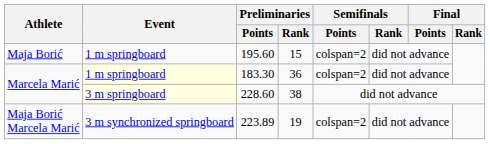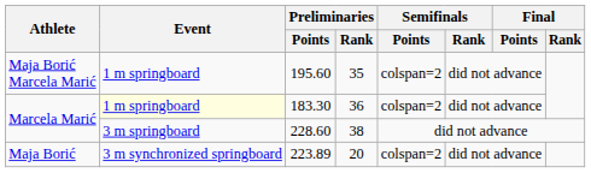 <table class=wikitable style="font-size:90%;">
 <tr>
 <th rowspan="2">Athlete</th>
 <th rowspan="2">Event</th>
 <th colspan="2">Preliminaries</th>
 <th colspan="2">Semifinals</th>
 <th colspan="2">Final</th>
 </tr>
 <tr style="font-size:95%">
 <th>Points</th>
 <th>Rank</th>
 <th>Points</th>
 <th>Rank</th>
 <th>Points</th>
 <th>Rank</th>
 </tr>
 <tr align=center>
-<td align=left><a href='#'>Maja Borić</a></td>
+<td align=left><a href='#'>Maja Borić</a><br><a href='#'>Marcela Marić</a></td>
 <td align=left><a href='#'>1 m springboard</a></td>
 <td>195.60</td>
-<td>15</td>
+<td>35</td>
 <td>colspan=2 </td>
 <td colspan=2>did not advance</td>
 </tr>
 <tr align=center>
 <td align=left rowspan=2><a href='#'>Marcela Marić</a></td>
 <td align=left style="background: lightyellow;"><a href='#'>1 m springboard</a></td>
 <td>183.30</td>
 <td>36</td>
 <td>colspan=2 </td>
 <td colspan=2>did not advance</td>
 </tr>
 <tr align=center>
-<td align=left style="background: lightyellow;"><a href='#'>3 m springboard</a></td>
+<td align=left><a href='#'>3 m springboard</a></td>
 <td>228.60</td>
 <td>38</td>
 <td colspan=4>did not advance</td>
 </tr>
 <tr align=center>
-<td align=left><a href='#'>Maja Borić</a><br><a href='#'>Marcela Marić</a></td>
+<td align=left><a href='#'>Maja Borić</a></td>
 <td align=left><a href='#'>3 m synchronized springboard</a></td>
 <td>223.89</td>
-<td>19</td>
+<td>20</td>
 <td>colspan=2 </td>
 <td colspan=2>did not advance</td>
 </tr>
 </table>
